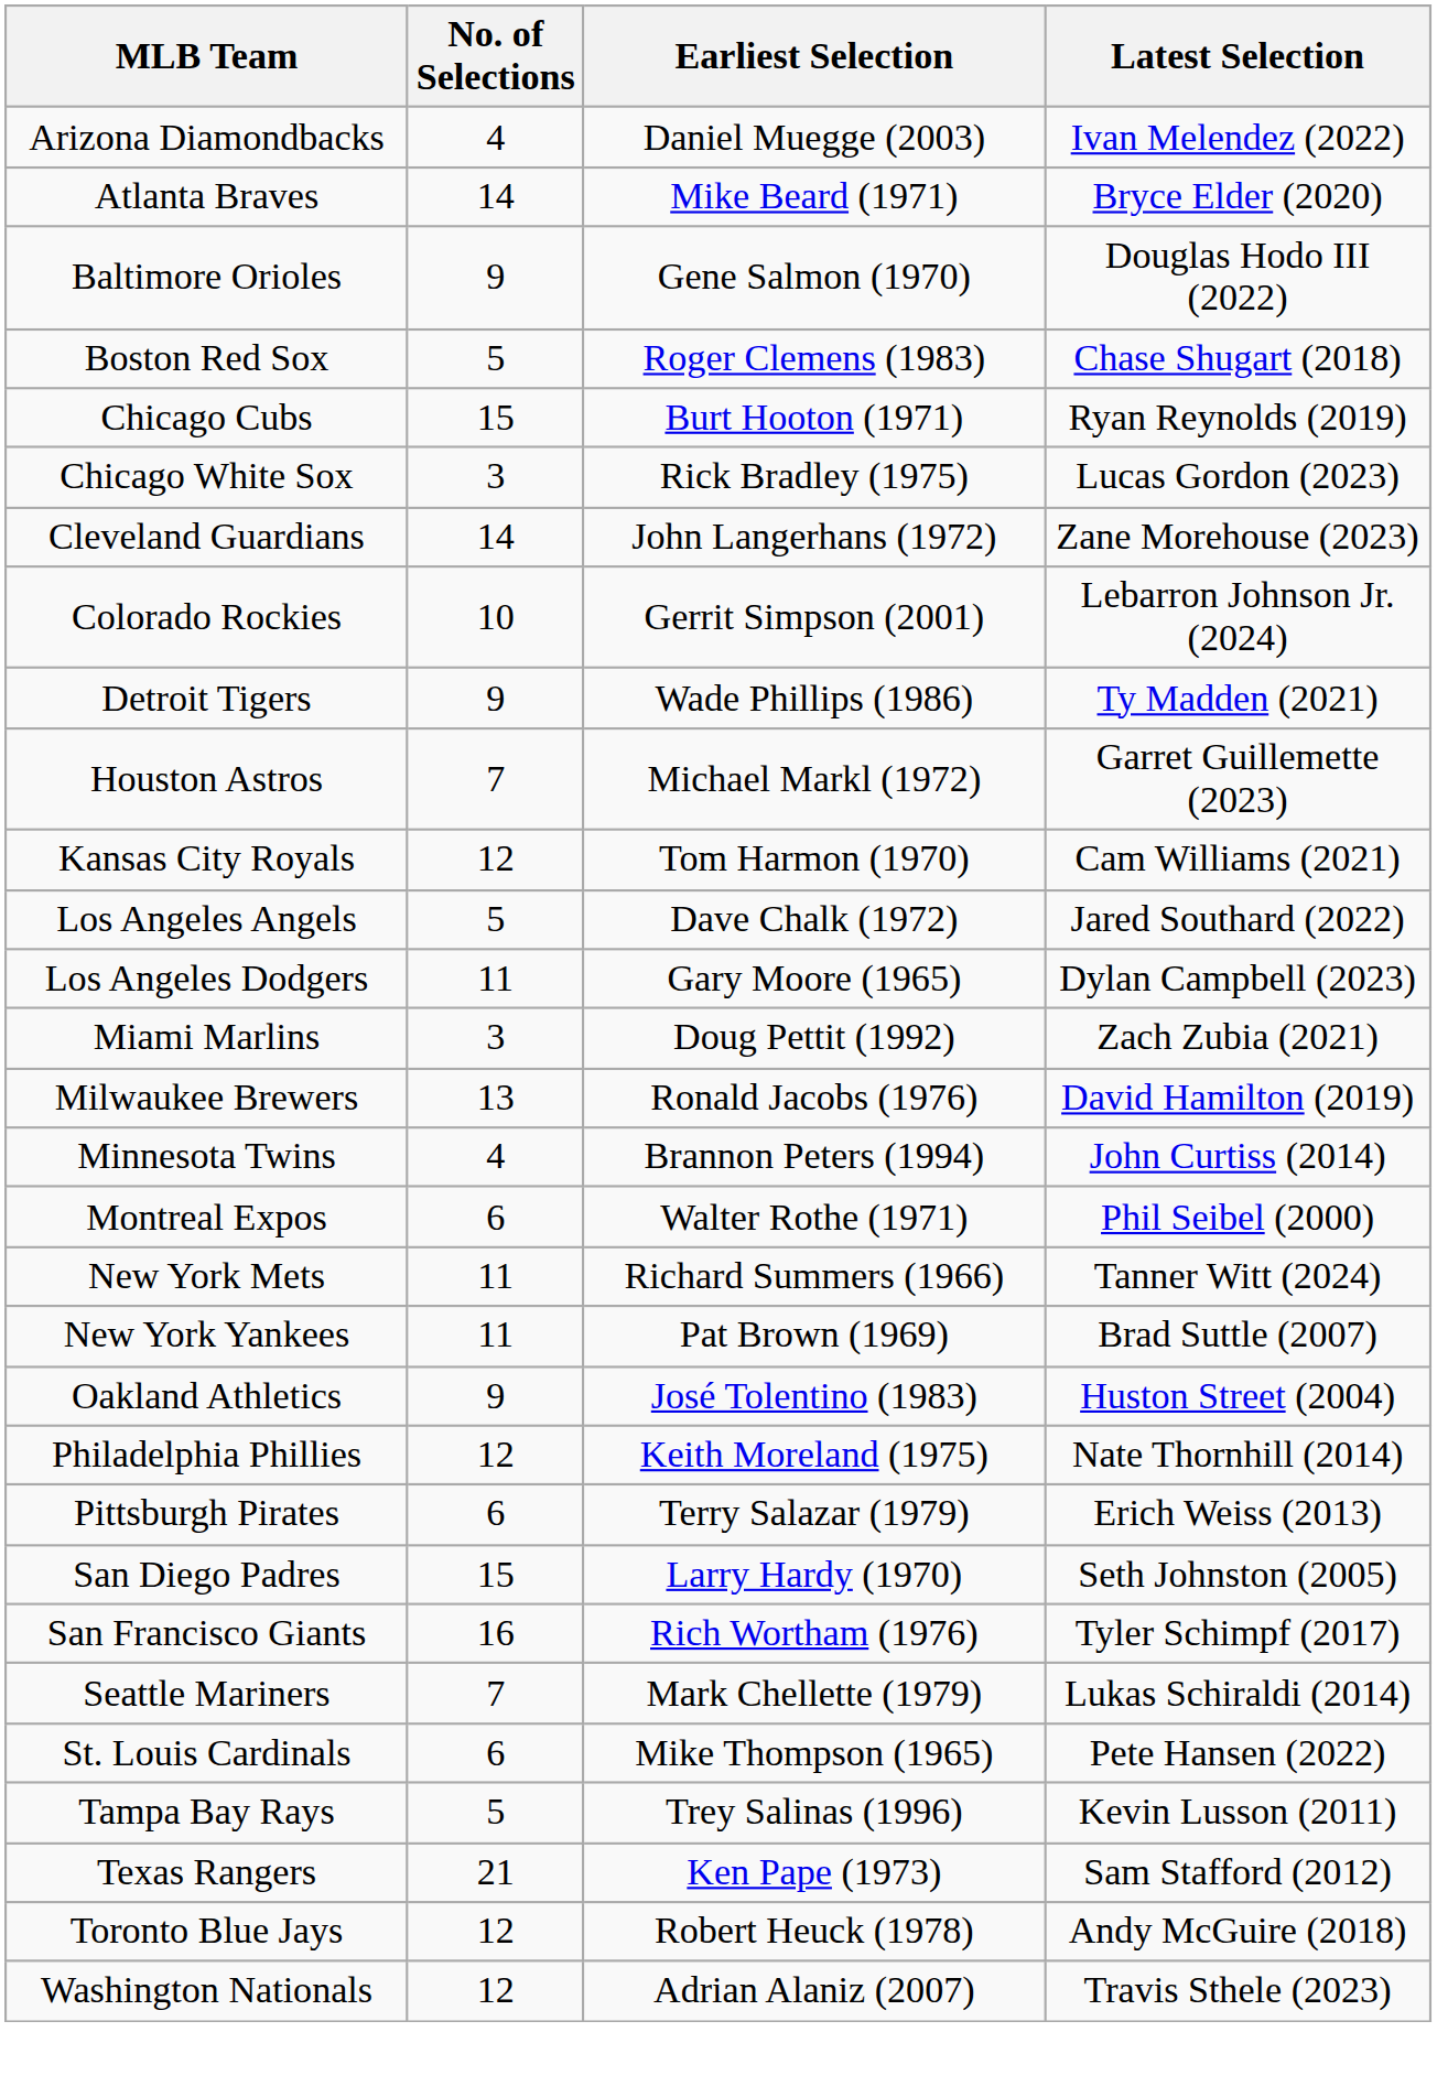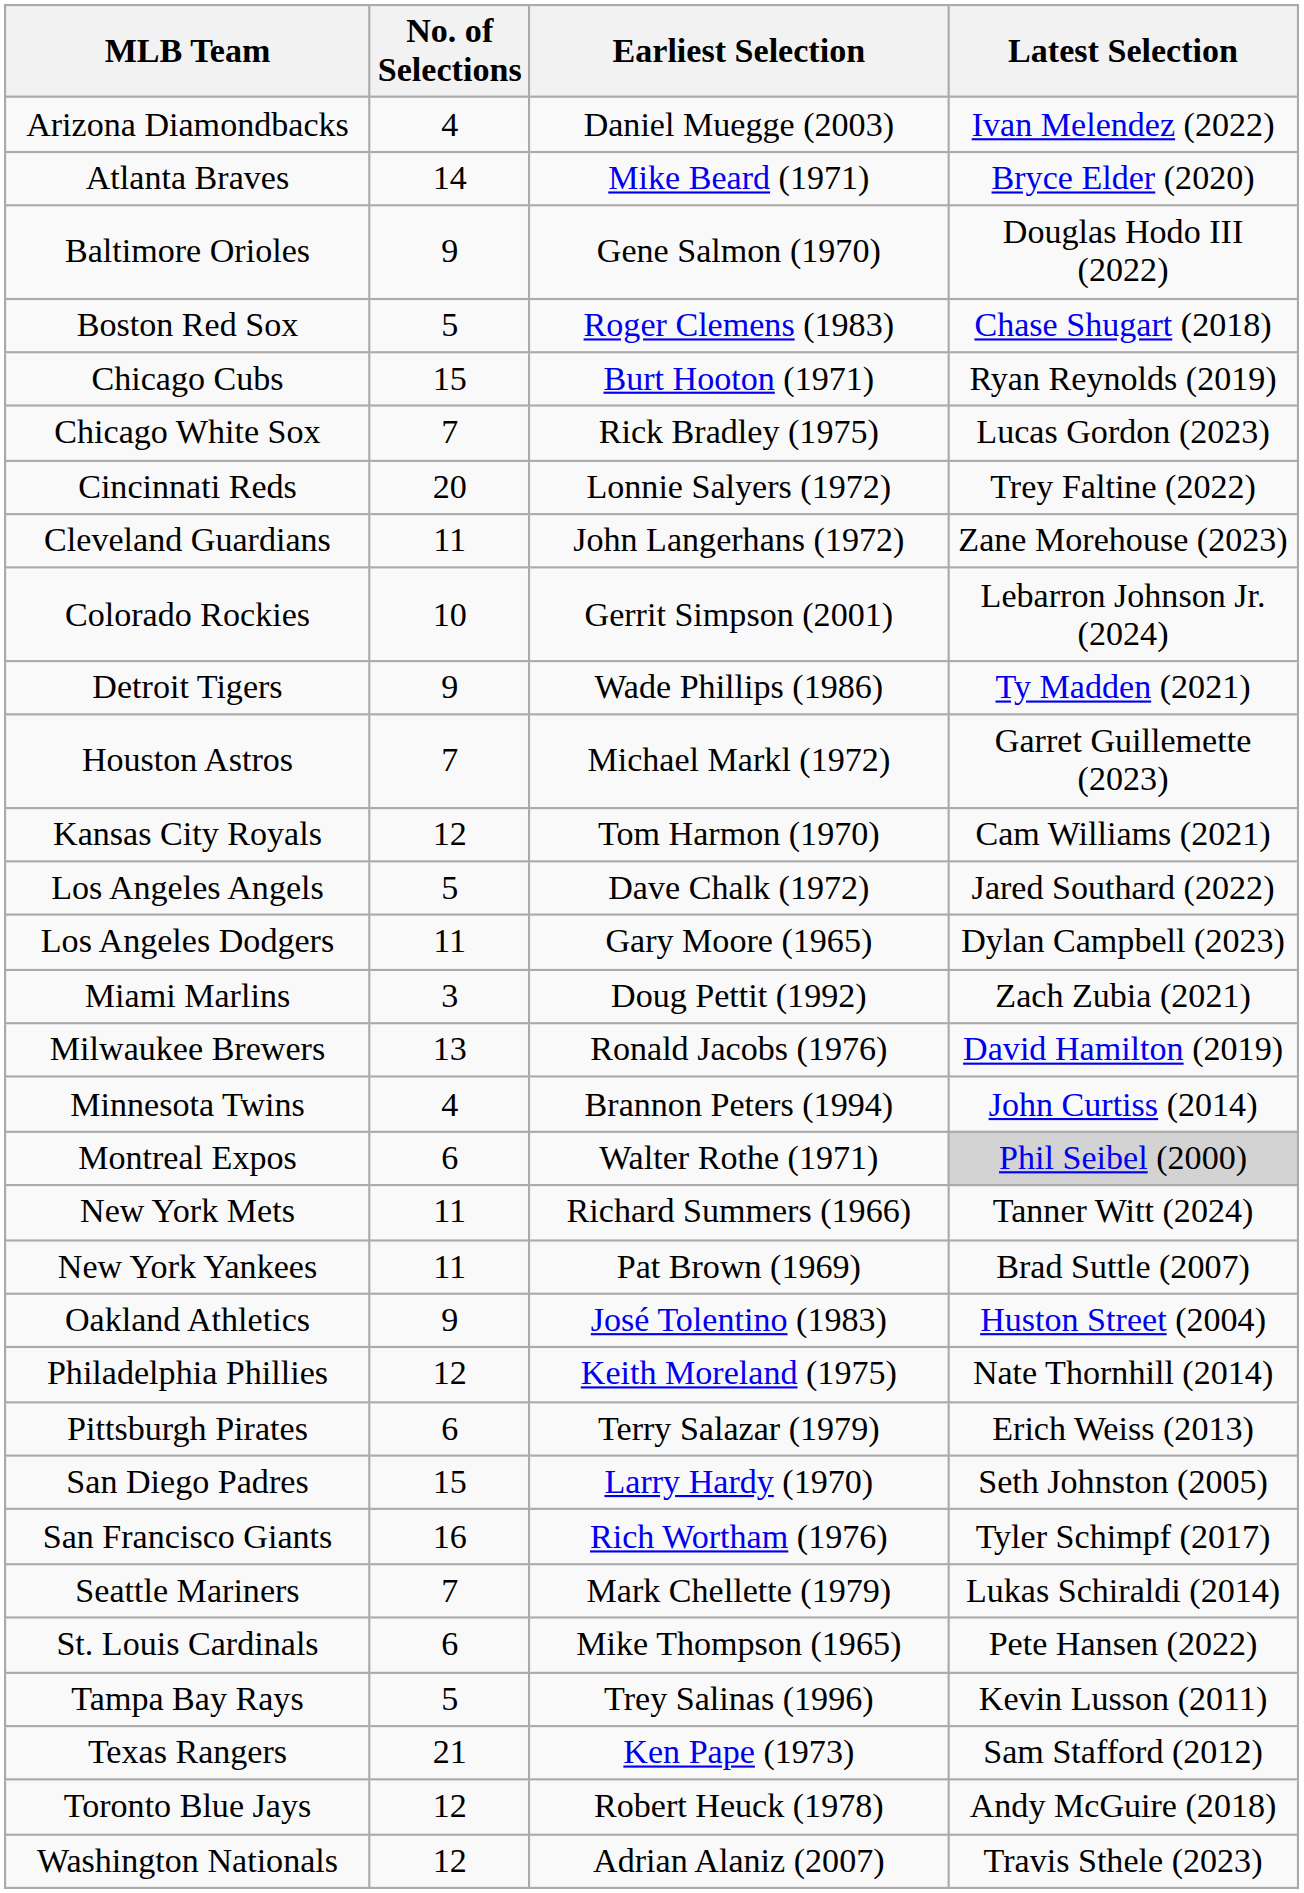 <table class="wikitable" style="text-align:center">
 <tr>
 <th style="width:200px; ">MLB Team</th>
 <th style="width:1px; ">No. of Selections</th>
 <th style="width:250px; ">Earliest Selection</th>
 <th style="width:200px; ">Latest Selection</th>
 </tr>
 <tr>
 <td>Arizona Diamondbacks</td>
 <td>4</td>
 <td>Daniel Muegge (2003)</td>
 <td><a href='#'>Ivan Melendez</a> (2022)</td>
 </tr>
 <tr>
 <td>Atlanta Braves</td>
 <td>14</td>
 <td><a href='#'>Mike Beard</a> (1971)</td>
 <td><a href='#'>Bryce Elder</a> (2020)</td>
 </tr>
 <tr>
 <td>Baltimore Orioles</td>
 <td>9</td>
 <td>Gene Salmon (1970)</td>
 <td>Douglas Hodo III (2022)</td>
 </tr>
 <tr>
 <td>Boston Red Sox</td>
 <td>5</td>
 <td><a href='#'>Roger Clemens</a> (1983)</td>
 <td><a href='#'>Chase Shugart</a> (2018)</td>
 </tr>
 <tr>
 <td>Chicago Cubs</td>
 <td>15</td>
 <td><a href='#'>Burt Hooton</a> (1971)</td>
 <td>Ryan Reynolds (2019)</td>
 </tr>
 <tr>
 <td>Chicago White Sox</td>
-<td>3</td>
+<td>7</td>
 <td>Rick Bradley (1975)</td>
 <td>Lucas Gordon (2023)</td>
 </tr>
 <tr>
+<td>Cincinnati Reds</td>
+<td>20</td>
+<td>Lonnie Salyers (1972)</td>
+<td>Trey Faltine (2022)</td>
+</tr>
+<tr>
 <td>Cleveland Guardians</td>
-<td>14</td>
+<td>11</td>
 <td>John Langerhans (1972)</td>
 <td>Zane Morehouse (2023)</td>
 </tr>
 <tr>
 <td>Colorado Rockies</td>
 <td>10</td>
 <td>Gerrit Simpson (2001)</td>
 <td>Lebarron Johnson Jr. (2024)</td>
 </tr>
 <tr>
 <td>Detroit Tigers</td>
 <td>9</td>
 <td>Wade Phillips (1986)</td>
 <td><a href='#'>Ty Madden</a> (2021)</td>
 </tr>
 <tr>
 <td>Houston Astros</td>
 <td>7</td>
 <td>Michael Markl (1972)</td>
 <td>Garret Guillemette (2023)</td>
 </tr>
 <tr>
 <td>Kansas City Royals</td>
 <td>12</td>
 <td>Tom Harmon (1970)</td>
 <td>Cam Williams (2021)</td>
 </tr>
 <tr>
 <td>Los Angeles Angels</td>
 <td>5</td>
 <td>Dave Chalk (1972)</td>
 <td>Jared Southard (2022)</td>
 </tr>
 <tr>
 <td>Los Angeles Dodgers</td>
 <td>11</td>
 <td>Gary Moore (1965)</td>
 <td>Dylan Campbell (2023)</td>
 </tr>
 <tr>
 <td>Miami Marlins</td>
 <td>3</td>
 <td>Doug Pettit (1992)</td>
 <td>Zach Zubia (2021)</td>
 </tr>
 <tr>
 <td>Milwaukee Brewers</td>
 <td>13</td>
 <td>Ronald Jacobs (1976)</td>
 <td><a href='#'>David Hamilton</a> (2019)</td>
 </tr>
 <tr>
 <td>Minnesota Twins</td>
 <td>4</td>
 <td>Brannon Peters (1994)</td>
 <td><a href='#'>John Curtiss</a> (2014)</td>
 </tr>
 <tr>
 <td>Montreal Expos</td>
 <td>6</td>
 <td>Walter Rothe (1971)</td>
-<td><a href='#'>Phil Seibel</a> (2000)</td>
+<td style="background: lightgrey;"><a href='#'>Phil Seibel</a> (2000)</td>
 </tr>
 <tr>
 <td>New York Mets</td>
 <td>11</td>
 <td>Richard Summers (1966)</td>
 <td>Tanner Witt (2024)</td>
 </tr>
 <tr>
 <td>New York Yankees</td>
 <td>11</td>
 <td>Pat Brown (1969)</td>
 <td>Brad Suttle (2007)</td>
 </tr>
 <tr>
 <td>Oakland Athletics</td>
 <td>9</td>
 <td><a href='#'>José Tolentino</a> (1983)</td>
 <td><a href='#'>Huston Street</a> (2004)</td>
 </tr>
 <tr>
 <td>Philadelphia Phillies</td>
 <td>12</td>
 <td><a href='#'>Keith Moreland</a> (1975)</td>
 <td>Nate Thornhill (2014)</td>
 </tr>
 <tr>
 <td>Pittsburgh Pirates</td>
 <td>6</td>
 <td>Terry Salazar (1979)</td>
 <td>Erich Weiss (2013)</td>
 </tr>
 <tr>
 <td>San Diego Padres</td>
 <td>15</td>
 <td><a href='#'>Larry Hardy</a> (1970)</td>
 <td>Seth Johnston (2005)</td>
 </tr>
 <tr>
 <td>San Francisco Giants</td>
 <td>16</td>
 <td><a href='#'>Rich Wortham</a> (1976)</td>
 <td>Tyler Schimpf (2017)</td>
 </tr>
 <tr>
 <td>Seattle Mariners</td>
 <td>7</td>
 <td>Mark Chellette (1979)</td>
 <td>Lukas Schiraldi (2014)</td>
 </tr>
 <tr>
 <td>St. Louis Cardinals</td>
 <td>6</td>
 <td>Mike Thompson (1965)</td>
 <td>Pete Hansen (2022)</td>
 </tr>
 <tr>
 <td>Tampa Bay Rays</td>
 <td>5</td>
 <td>Trey Salinas (1996)</td>
 <td>Kevin Lusson (2011)</td>
 </tr>
 <tr>
 <td>Texas Rangers</td>
 <td>21</td>
 <td><a href='#'>Ken Pape</a> (1973)</td>
 <td>Sam Stafford (2012)</td>
 </tr>
 <tr>
 <td>Toronto Blue Jays</td>
 <td>12</td>
 <td>Robert Heuck (1978)</td>
 <td>Andy McGuire (2018)</td>
 </tr>
 <tr>
 <td>Washington Nationals</td>
 <td>12</td>
 <td>Adrian Alaniz (2007)</td>
 <td>Travis Sthele (2023)</td>
 </tr>
 <tr>
 </tr>
 </table>
